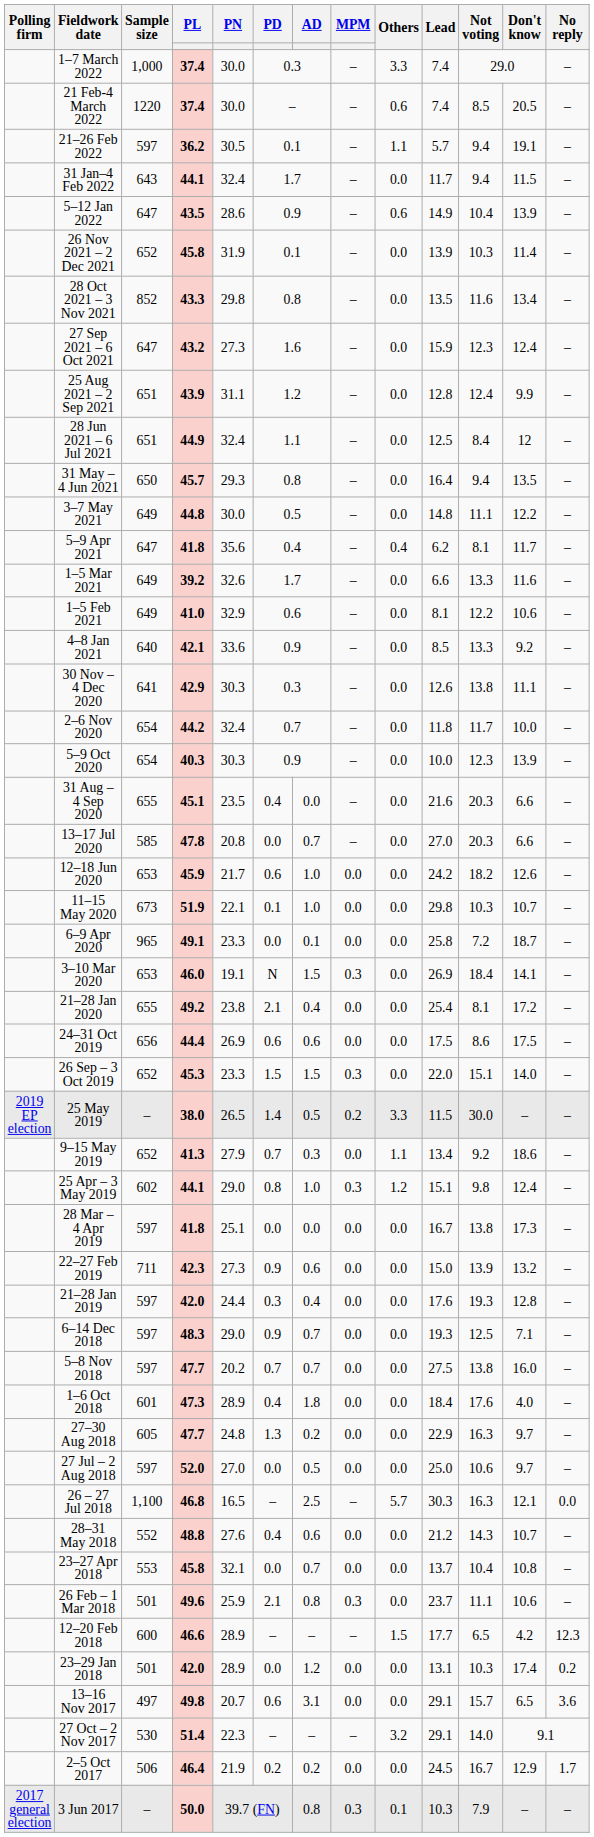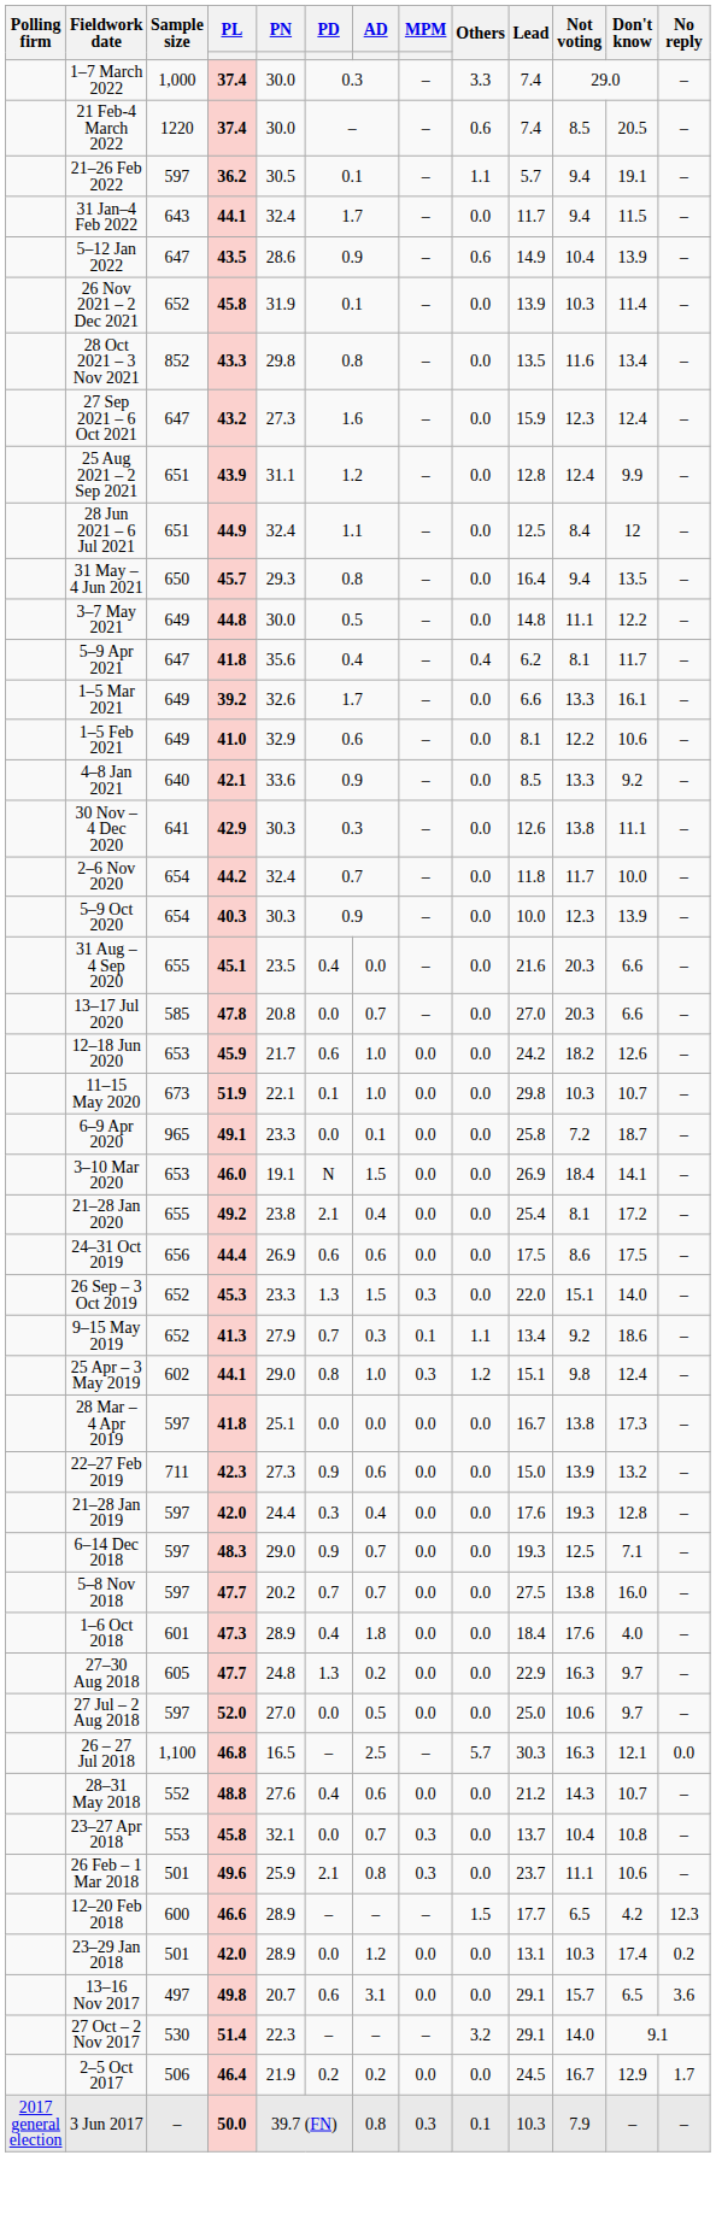 <table class="wikitable sortable" style="text-align:center;font-size:90%;line-height:14px;">
 <tr style="height:40px;">
 <th rowspan="2">Polling firm</th>
 <th rowspan="2">Fieldwork date</th>
 <th rowspan="2">Sample<br>size</th>
 <th class="unsortable" style="width:40px;"><a href='#'>PL</a></th>
 <th class="unsortable" style="width:40px;"><a href='#'>PN</a></th>
 <th class="unsortable" style="width:40px;"><a href='#'>PD</a></th>
 <th class="unsortable" style="width:40px;"><a href='#'>AD</a></th>
 <th class="unsortable" style="width:40px;"><a href='#'>MPM</a></th>
 <th class="unsortable" style="width:40px;" rowspan="2">Others</th>
 <th style="width:30px;" rowspan="2">Lead</th>
 <th class="unsortable" style="width:40px;" rowspan="2">Not<br>voting</th>
 <th class="unsortable" style="width:40px;" rowspan="2">Don't<br>know</th>
 <th class="unsortable" style="width:40px;" rowspan="2">No<br>reply</th>
 </tr>
 <tr>
 <th style="background:"></th>
 <th style="background:"></th>
 <th style="background:"></th>
 <th style="background:"></th>
 <th style="background:"></th>
 </tr>
 <tr>
 <td></td>
 <td data-sort-value="2022-03-07">1–7 March 2022</td>
 <td>1,000</td>
 <td style="background:#FBD1CE;"><strong>37.4</strong></td>
 <td>30.0</td>
 <td colspan="2">0.3</td>
 <td>–</td>
 <td>3.3</td>
 <td style="background:">7.4</td>
 <td colspan="2">29.0</td>
 <td>–</td>
 </tr>
 <tr>
 <td></td>
 <td data-sort-value="2022-03-04">21 Feb-4 March 2022</td>
 <td>1220</td>
 <td style="background:#FBD1CE;"><strong>37.4</strong></td>
 <td>30.0</td>
 <td colspan="2">–</td>
 <td>–</td>
 <td>0.6</td>
 <td style="background:">7.4</td>
 <td>8.5</td>
 <td>20.5</td>
 <td>–</td>
 </tr>
 <tr>
 <td></td>
 <td data-sort-value="2022-02-27">21–26 Feb 2022</td>
 <td>597</td>
 <td style="background:#FBD1CE;"><strong>36.2</strong></td>
 <td>30.5</td>
 <td colspan="2">0.1</td>
 <td>–</td>
 <td>1.1</td>
 <td style="background:">5.7</td>
 <td>9.4</td>
 <td>19.1</td>
 <td>–</td>
 </tr>
 <tr>
 <td></td>
 <td data-sort-value="2022-01-0">31 Jan–4 Feb 2022</td>
 <td>643</td>
 <td style="background:#FBD1CE;"><strong>44.1</strong></td>
 <td>32.4</td>
 <td colspan="2">1.7</td>
 <td>–</td>
 <td>0.0</td>
 <td style="background:">11.7</td>
 <td>9.4</td>
 <td>11.5</td>
 <td>–</td>
 </tr>
 <tr>
 <td></td>
 <td data-sort-value="2022-01-0">5–12 Jan 2022</td>
 <td>647</td>
 <td style="background:#FBD1CE;"><strong>43.5</strong></td>
 <td>28.6</td>
 <td colspan="2">0.9</td>
 <td>–</td>
 <td>0.6</td>
 <td style="background:">14.9</td>
 <td>10.4</td>
 <td>13.9</td>
 <td>–</td>
 </tr>
 <tr>
 <td></td>
 <td data-sort-value="2021-12-02">26 Nov 2021 – 2 Dec 2021</td>
 <td>652</td>
 <td style="background:#FBD1CE;"><strong>45.8</strong></td>
 <td>31.9</td>
 <td colspan="2">0.1</td>
 <td>–</td>
 <td>0.0</td>
 <td style="background:">13.9</td>
 <td>10.3</td>
 <td>11.4</td>
 <td>–</td>
 </tr>
 <tr>
 <td></td>
 <td data-sort-value="2021-11-07">28 Oct 2021 – 3 Nov 2021</td>
 <td>852</td>
 <td style="background:#FBD1CE;"><strong>43.3</strong></td>
 <td>29.8</td>
 <td colspan="2">0.8</td>
 <td>–</td>
 <td>0.0</td>
 <td style="background:">13.5</td>
 <td>11.6</td>
 <td>13.4</td>
 <td>–</td>
 </tr>
 <tr>
 <td></td>
 <td data-sort-value="2021-10-10">27 Sep 2021 – 6 Oct 2021</td>
 <td>647</td>
 <td style="background:#FBD1CE;"><strong>43.2</strong></td>
 <td>27.3</td>
 <td colspan="2">1.6</td>
 <td>–</td>
 <td>0.0</td>
 <td style="background:">15.9</td>
 <td>12.3</td>
 <td>12.4</td>
 <td>–</td>
 </tr>
 <tr>
 <td></td>
 <td data-sort-value="2021-09-02">25 Aug 2021 – 2 Sep 2021</td>
 <td>651</td>
 <td style="background:#FBD1CE;"><strong>43.9</strong></td>
 <td>31.1</td>
 <td colspan="2">1.2</td>
 <td>–</td>
 <td>0.0</td>
 <td style="background:">12.8</td>
 <td>12.4</td>
 <td>9.9</td>
 <td>–</td>
 </tr>
 <tr>
 <td></td>
 <td data-sort-value="2021-07-11">28 Jun 2021 – 6 Jul 2021</td>
 <td>651</td>
 <td style="background:#FBD1CE;"><strong>44.9</strong></td>
 <td>32.4</td>
 <td colspan="2">1.1</td>
 <td>–</td>
 <td>0.0</td>
 <td style="background:">12.5</td>
 <td>8.4</td>
 <td>12</td>
 <td>–</td>
 </tr>
 <tr>
 <td></td>
 <td data-sort-value="2021-06-07">31 May – 4 Jun 2021</td>
 <td>650</td>
 <td style="background:#FBD1CE;"><strong>45.7</strong></td>
 <td>29.3</td>
 <td colspan="2">0.8</td>
 <td>–</td>
 <td>0.0</td>
 <td style="background:">16.4</td>
 <td>9.4</td>
 <td>13.5</td>
 <td>–</td>
 </tr>
 <tr>
 <td></td>
 <td data-sort-value="2021-04-09">3–7 May 2021</td>
 <td>649</td>
 <td style="background:#FBD1CE;"><strong>44.8</strong></td>
 <td>30.0</td>
 <td colspan="2">0.5</td>
 <td>–</td>
 <td>0.0</td>
 <td style="background:">14.8</td>
 <td>11.1</td>
 <td>12.2</td>
 <td>–</td>
 </tr>
 <tr>
 <td></td>
 <td data-sort-value="2021-04-09">5–9 Apr 2021</td>
 <td>647</td>
 <td style="background:#FBD1CE;"><strong>41.8</strong></td>
 <td>35.6</td>
 <td colspan="2">0.4</td>
 <td>–</td>
 <td>0.4</td>
 <td style="background:">6.2</td>
 <td>8.1</td>
 <td>11.7</td>
 <td>–</td>
 </tr>
 <tr>
 <td></td>
 <td data-sort-value="2021-03-05">1–5 Mar 2021</td>
 <td>649</td>
 <td style="background:#FBD1CE;"><strong>39.2</strong></td>
 <td>32.6</td>
 <td colspan="2">1.7</td>
 <td>–</td>
 <td>0.0</td>
 <td style="background:">6.6</td>
 <td>13.3</td>
-<td>11.6</td>
+<td>16.1</td>
 <td>–</td>
 </tr>
 <tr>
 <td></td>
 <td data-sort-value="2021-02-05">1–5 Feb 2021</td>
 <td>649</td>
 <td style="background:#FBD1CE;"><strong>41.0</strong></td>
 <td>32.9</td>
 <td colspan="2">0.6</td>
 <td>–</td>
 <td>0.0</td>
 <td style="background:">8.1</td>
 <td>12.2</td>
 <td>10.6</td>
 <td>–</td>
 </tr>
 <tr>
 <td></td>
 <td data-sort-value="2021-01-08">4–8 Jan 2021</td>
 <td>640</td>
 <td style="background:#FBD1CE;"><strong>42.1</strong></td>
 <td>33.6</td>
 <td colspan="2">0.9</td>
 <td>–</td>
 <td>0.0</td>
 <td style="background:">8.5</td>
 <td>13.3</td>
 <td>9.2</td>
 <td>–</td>
 </tr>
 <tr>
 <td></td>
 <td data-sort-value="2020-12-04">30 Nov – 4 Dec 2020</td>
 <td>641</td>
 <td style="background:#FBD1CE;"><strong>42.9</strong></td>
 <td>30.3</td>
 <td colspan="2">0.3</td>
 <td>–</td>
 <td>0.0</td>
 <td style="background:">12.6</td>
 <td>13.8</td>
 <td>11.1</td>
 <td>–</td>
 </tr>
 <tr>
 <td></td>
 <td data-sort-value="2020-11-06">2–6 Nov 2020</td>
 <td>654</td>
 <td style="background:#FBD1CE;"><strong>44.2</strong></td>
 <td>32.4</td>
 <td colspan="2">0.7</td>
 <td>–</td>
 <td>0.0</td>
 <td style="background:">11.8</td>
 <td>11.7</td>
 <td>10.0</td>
 <td>–</td>
 </tr>
 <tr>
 <td></td>
 <td data-sort-value="2020-10-09">5–9 Oct 2020</td>
 <td>654</td>
 <td style="background:#FBD1CE;"><strong>40.3</strong></td>
 <td>30.3</td>
 <td colspan="2">0.9</td>
 <td>–</td>
 <td>0.0</td>
 <td style="background:">10.0</td>
 <td>12.3</td>
 <td>13.9</td>
 <td>–</td>
 </tr>
 <tr>
 <td></td>
 <td data-sort-value="2020-09-04">31 Aug – 4 Sep 2020</td>
 <td>655</td>
 <td style="background:#FBD1CE;"><strong>45.1</strong></td>
 <td>23.5</td>
 <td>0.4</td>
 <td>0.0</td>
 <td>–</td>
 <td>0.0</td>
 <td style="background:">21.6</td>
 <td>20.3</td>
 <td>6.6</td>
 <td>–</td>
 </tr>
 <tr>
 <td></td>
 <td data-sort-value="2020-07-17">13–17 Jul 2020</td>
 <td>585</td>
 <td style="background:#FBD1CE;"><strong>47.8</strong></td>
 <td>20.8</td>
 <td>0.0</td>
 <td>0.7</td>
 <td>–</td>
 <td>0.0</td>
 <td style="background:">27.0</td>
 <td>20.3</td>
 <td>6.6</td>
 <td>–</td>
 </tr>
 <tr>
 <td></td>
 <td data-sort-value="2020-06-18">12–18 Jun 2020</td>
 <td>653</td>
 <td style="background:#FBD1CE;"><strong>45.9</strong></td>
 <td>21.7</td>
 <td>0.6</td>
 <td>1.0</td>
 <td>0.0</td>
 <td>0.0</td>
 <td style="background:">24.2</td>
 <td>18.2</td>
 <td>12.6</td>
 <td>–</td>
 </tr>
 <tr>
 <td></td>
 <td data-sort-value="2020-05-15">11–15 May 2020</td>
 <td>673</td>
 <td style="background:#FBD1CE;"><strong>51.9</strong></td>
 <td>22.1</td>
 <td>0.1</td>
 <td>1.0</td>
 <td>0.0</td>
 <td>0.0</td>
 <td style="background:">29.8</td>
 <td>10.3</td>
 <td>10.7</td>
 <td>–</td>
 </tr>
 <tr>
 <td></td>
 <td data-sort-value="2020-04-09">6–9 Apr 2020</td>
 <td>965</td>
 <td style="background:#FBD1CE;"><strong>49.1</strong></td>
 <td>23.3</td>
 <td>0.0</td>
 <td>0.1</td>
 <td>0.0</td>
 <td>0.0</td>
 <td style="background:">25.8</td>
 <td>7.2</td>
 <td>18.7</td>
 <td>–</td>
 </tr>
 <tr>
 <td></td>
 <td data-sort-value="2020-03-10">3–10 Mar 2020</td>
 <td>653</td>
 <td style="background:#FBD1CE;"><strong>46.0</strong></td>
 <td>19.1</td>
 <td>N</td>
 <td>1.5</td>
-<td>0.3</td>
+<td>0.0</td>
 <td>0.0</td>
 <td style="background:">26.9</td>
 <td>18.4</td>
 <td>14.1</td>
 <td>–</td>
 </tr>
 <tr>
 <td></td>
 <td data-sort-value="2020-01-28">21–28 Jan 2020</td>
 <td>655</td>
 <td style="background:#FBD1CE;"><strong>49.2</strong></td>
 <td>23.8</td>
 <td>2.1</td>
 <td>0.4</td>
 <td>0.0</td>
 <td>0.0</td>
 <td style="background:">25.4</td>
 <td>8.1</td>
 <td>17.2</td>
 <td>–</td>
 </tr>
 <tr>
 <td></td>
 <td data-sort-value="2019-10-31">24–31 Oct 2019</td>
 <td>656</td>
 <td style="background:#FBD1CE;"><strong>44.4</strong></td>
 <td>26.9</td>
 <td>0.6</td>
 <td>0.6</td>
 <td>0.0</td>
 <td>0.0</td>
 <td style="background:">17.5</td>
 <td>8.6</td>
 <td>17.5</td>
 <td>–</td>
 </tr>
 <tr>
 <td></td>
 <td data-sort-value="2019-10-03">26 Sep – 3 Oct 2019</td>
 <td>652</td>
 <td style="background:#FBD1CE;"><strong>45.3</strong></td>
 <td>23.3</td>
-<td>1.5</td>
+<td>1.3</td>
 <td>1.5</td>
 <td>0.3</td>
 <td>0.0</td>
 <td style="background:">22.0</td>
 <td>15.1</td>
 <td>14.0</td>
-<td>–</td>
-</tr>
-<tr style="background:#E9E9E9;">
-<td><a href='#'>2019 EP election</a></td>
-<td data-sort-value="2019-05-25">25 May 2019</td>
-<td>–</td>
-<td style="background:#FBD1CE;"><strong>38.0</strong></td>
-<td>26.5</td>
-<td>1.4</td>
-<td>0.5</td>
-<td>0.2</td>
-<td>3.3</td>
-<td style="background:">11.5</td>
-<td>30.0</td>
-<td>–</td>
 <td>–</td>
 </tr>
 <tr>
 <td></td>
 <td data-sort-value="2019-10-03">9–15 May 2019</td>
 <td>652</td>
 <td style="background:#FBD1CE;"><strong>41.3</strong></td>
 <td>27.9</td>
 <td>0.7</td>
 <td>0.3</td>
-<td>0.0</td>
+<td>0.1</td>
 <td>1.1</td>
 <td style="background:">13.4</td>
 <td>9.2</td>
 <td>18.6</td>
 <td>–</td>
 </tr>
 <tr>
 <td></td>
 <td data-sort-value="2019-05-03">25 Apr – 3 May 2019</td>
 <td>602</td>
 <td style="background:#FBD1CE;"><strong>44.1</strong></td>
 <td>29.0</td>
 <td>0.8</td>
 <td>1.0</td>
 <td>0.3</td>
 <td>1.2</td>
 <td style="background:">15.1</td>
 <td>9.8</td>
 <td>12.4</td>
 <td>–</td>
 </tr>
 <tr>
 <td></td>
 <td data-sort-value="2019-04-04">28 Mar – 4 Apr 2019</td>
 <td>597</td>
 <td style="background:#FBD1CE;"><strong>41.8</strong></td>
 <td>25.1</td>
 <td>0.0</td>
 <td>0.0</td>
 <td>0.0</td>
 <td>0.0</td>
 <td style="background:">16.7</td>
 <td>13.8</td>
 <td>17.3</td>
 <td>–</td>
 </tr>
 <tr>
 <td></td>
 <td data-sort-value="2019-02-27">22–27 Feb 2019</td>
 <td>711</td>
 <td style="background:#FBD1CE;"><strong>42.3</strong></td>
 <td>27.3</td>
 <td>0.9</td>
 <td>0.6</td>
 <td>0.0</td>
 <td>0.0</td>
 <td style="background:">15.0</td>
 <td>13.9</td>
 <td>13.2</td>
 <td>–</td>
 </tr>
 <tr>
 <td></td>
 <td data-sort-value="2019-01-28">21–28 Jan 2019</td>
 <td>597</td>
 <td style="background:#FBD1CE;"><strong>42.0</strong></td>
 <td>24.4</td>
 <td>0.3</td>
 <td>0.4</td>
 <td>0.0</td>
 <td>0.0</td>
 <td style="background:">17.6</td>
 <td>19.3</td>
 <td>12.8</td>
 <td>–</td>
 </tr>
 <tr>
 <td></td>
 <td data-sort-value="2018-12-14">6–14 Dec 2018</td>
 <td>597</td>
 <td style="background:#FBD1CE;"><strong>48.3</strong></td>
 <td>29.0</td>
 <td>0.9</td>
 <td>0.7</td>
 <td>0.0</td>
 <td>0.0</td>
 <td style="background:">19.3</td>
 <td>12.5</td>
 <td>7.1</td>
 <td>–</td>
 </tr>
 <tr>
 <td></td>
 <td data-sort-value="2018-11-08">5–8 Nov 2018</td>
 <td>597</td>
 <td style="background:#FBD1CE;"><strong>47.7</strong></td>
 <td>20.2</td>
 <td>0.7</td>
 <td>0.7</td>
 <td>0.0</td>
 <td>0.0</td>
 <td style="background:">27.5</td>
 <td>13.8</td>
 <td>16.0</td>
 <td>–</td>
 </tr>
 <tr>
 <td></td>
 <td data-sort-value="2018-10-06">1–6 Oct 2018</td>
 <td>601</td>
 <td style="background:#FBD1CE;"><strong>47.3</strong></td>
 <td>28.9</td>
 <td>0.4</td>
 <td>1.8</td>
 <td>0.0</td>
 <td>0.0</td>
 <td style="background:">18.4</td>
 <td>17.6</td>
 <td>4.0</td>
 <td>–</td>
 </tr>
 <tr>
 <td></td>
 <td data-sort-value="2018-08-30">27–30 Aug 2018</td>
 <td>605</td>
 <td style="background:#FBD1CE;"><strong>47.7</strong></td>
 <td>24.8</td>
 <td>1.3</td>
 <td>0.2</td>
 <td>0.0</td>
 <td>0.0</td>
 <td style="background:">22.9</td>
 <td>16.3</td>
 <td>9.7</td>
 <td>–</td>
 </tr>
 <tr>
 <td></td>
 <td data-sort-value="2018-08-02">27 Jul – 2 Aug 2018</td>
 <td>597</td>
 <td style="background:#FBD1CE;"><strong>52.0</strong></td>
 <td>27.0</td>
 <td>0.0</td>
 <td>0.5</td>
 <td>0.0</td>
 <td>0.0</td>
 <td style="background:">25.0</td>
 <td>10.6</td>
 <td>9.7</td>
 <td>–</td>
 </tr>
 <tr>
 <td></td>
 <td data-sort-value="2018-07-27">26 – 27 Jul 2018</td>
 <td>1,100</td>
 <td style="background:#FBD1CE;"><strong>46.8</strong></td>
 <td>16.5</td>
 <td>–</td>
 <td>2.5</td>
 <td>–</td>
 <td>5.7</td>
 <td style="background:">30.3</td>
 <td>16.3</td>
 <td>12.1</td>
 <td>0.0</td>
 </tr>
 <tr>
 <td></td>
 <td data-sort-value="2018-05-31">28–31 May 2018</td>
 <td>552</td>
 <td style="background:#FBD1CE;"><strong>48.8</strong></td>
 <td>27.6</td>
 <td>0.4</td>
 <td>0.6</td>
 <td>0.0</td>
 <td>0.0</td>
 <td style="background:">21.2</td>
 <td>14.3</td>
 <td>10.7</td>
 <td>–</td>
 </tr>
 <tr>
 <td></td>
 <td data-sort-value="2018-04-28">23–27 Apr 2018</td>
 <td>553</td>
 <td style="background:#FBD1CE;"><strong>45.8</strong></td>
 <td>32.1</td>
 <td>0.0</td>
 <td>0.7</td>
-<td>0.0</td>
+<td>0.3</td>
 <td>0.0</td>
 <td style="background:">13.7</td>
 <td>10.4</td>
 <td>10.8</td>
 <td>–</td>
 </tr>
 <tr>
 <td></td>
 <td data-sort-value="2018-03-01">26 Feb – 1 Mar 2018</td>
 <td>501</td>
 <td style="background:#FBD1CE;"><strong>49.6</strong></td>
 <td>25.9</td>
 <td>2.1</td>
 <td>0.8</td>
 <td>0.3</td>
 <td>0.0</td>
 <td style="background:">23.7</td>
 <td>11.1</td>
 <td>10.6</td>
 <td>–</td>
 </tr>
 <tr>
 <td></td>
 <td data-sort-value="2018-02-20">12–20 Feb 2018</td>
 <td>600</td>
 <td style="background:#FBD1CE;"><strong>46.6</strong></td>
 <td>28.9</td>
 <td>–</td>
 <td>–</td>
 <td>–</td>
 <td>1.5</td>
 <td style="background:">17.7</td>
 <td>6.5</td>
 <td>4.2</td>
 <td>12.3</td>
 </tr>
 <tr>
 <td></td>
 <td data-sort-value="2018-01-29">23–29 Jan 2018</td>
 <td>501</td>
 <td style="background:#FBD1CE;"><strong>42.0</strong></td>
 <td>28.9</td>
 <td>0.0</td>
 <td>1.2</td>
 <td>0.0</td>
 <td>0.0</td>
 <td style="background:">13.1</td>
 <td>10.3</td>
 <td>17.4</td>
 <td>0.2</td>
 </tr>
 <tr>
 <td></td>
 <td data-sort-value="2017-11-16">13–16 Nov 2017</td>
 <td>497</td>
 <td style="background:#FBD1CE;"><strong>49.8</strong></td>
 <td>20.7</td>
 <td>0.6</td>
 <td>3.1</td>
 <td>0.0</td>
 <td>0.0</td>
 <td style="background:">29.1</td>
 <td>15.7</td>
 <td>6.5</td>
 <td>3.6</td>
 </tr>
 <tr>
 <td></td>
 <td data-sort-value="2017-11-02">27 Oct – 2 Nov 2017</td>
 <td>530</td>
 <td style="background:#FBD1CE;"><strong>51.4</strong></td>
 <td>22.3</td>
 <td>–</td>
 <td>–</td>
 <td>–</td>
 <td>3.2</td>
 <td style="background:">29.1</td>
 <td>14.0</td>
 <td colspan="2">9.1</td>
 </tr>
 <tr>
 <td></td>
 <td data-sort-value="2017-10-05">2–5 Oct 2017</td>
 <td>506</td>
 <td style="background:#FBD1CE;"><strong>46.4</strong></td>
 <td>21.9</td>
 <td>0.2</td>
 <td>0.2</td>
 <td>0.0</td>
 <td>0.0</td>
 <td style="background:">24.5</td>
 <td>16.7</td>
 <td>12.9</td>
 <td>1.7</td>
 </tr>
 <tr style="background:#E9E9E9;">
 <td><a href='#'>2017 general election</a></td>
 <td data-sort-value="2017-06-03">3 Jun 2017</td>
 <td>–</td>
 <td style="background:#FBD1CE;"><strong>50.0</strong></td>
 <td colspan="2">39.7 (<a href='#'>FN</a>)</td>
 <td>0.8</td>
 <td>0.3</td>
 <td>0.1</td>
 <td style="background:">10.3</td>
 <td>7.9</td>
 <td>–</td>
 <td>–</td>
 </tr>
 </table>
